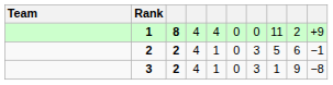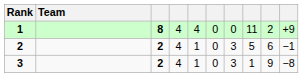 <table class="wikitable" style="text-align: center;">
 <tr>
+<th width=30>Rank</th>
 <th width=165 style="text-align:left;">Team</th>
-<th width=30>Rank</th>
 <th width=20></th>
 <th width=20></th>
 <th width=20></th>
 <th width=20></th>
 <th width=20></th>
 <th width=20></th>
 <th width=20></th>
 <th width=20></th>
 </tr>
 <tr style="background:#ccffcc;">
+<td><strong>1</strong></td>
 <td style="text-align:left;"></td>
-<td><strong>1</strong></td>
 <td><strong>8</strong></td>
 <td>4</td>
 <td>4</td>
 <td>0</td>
 <td>0</td>
 <td>11</td>
 <td>2</td>
 <td>+9</td>
 </tr>
 <tr>
+<td><strong>2</strong></td>
 <td style="text-align:left;"></td>
-<td><strong>2</strong></td>
 <td><strong>2</strong></td>
 <td>4</td>
 <td>1</td>
 <td>0</td>
 <td>3</td>
 <td>5</td>
 <td>6</td>
 <td>−1</td>
 </tr>
 <tr>
+<td><strong>3</strong></td>
 <td style="text-align:left;"></td>
-<td><strong>3</strong></td>
 <td><strong>2</strong></td>
 <td>4</td>
 <td>1</td>
 <td>0</td>
 <td>3</td>
 <td>1</td>
 <td>9</td>
 <td>−8</td>
 </tr>
 </table>
